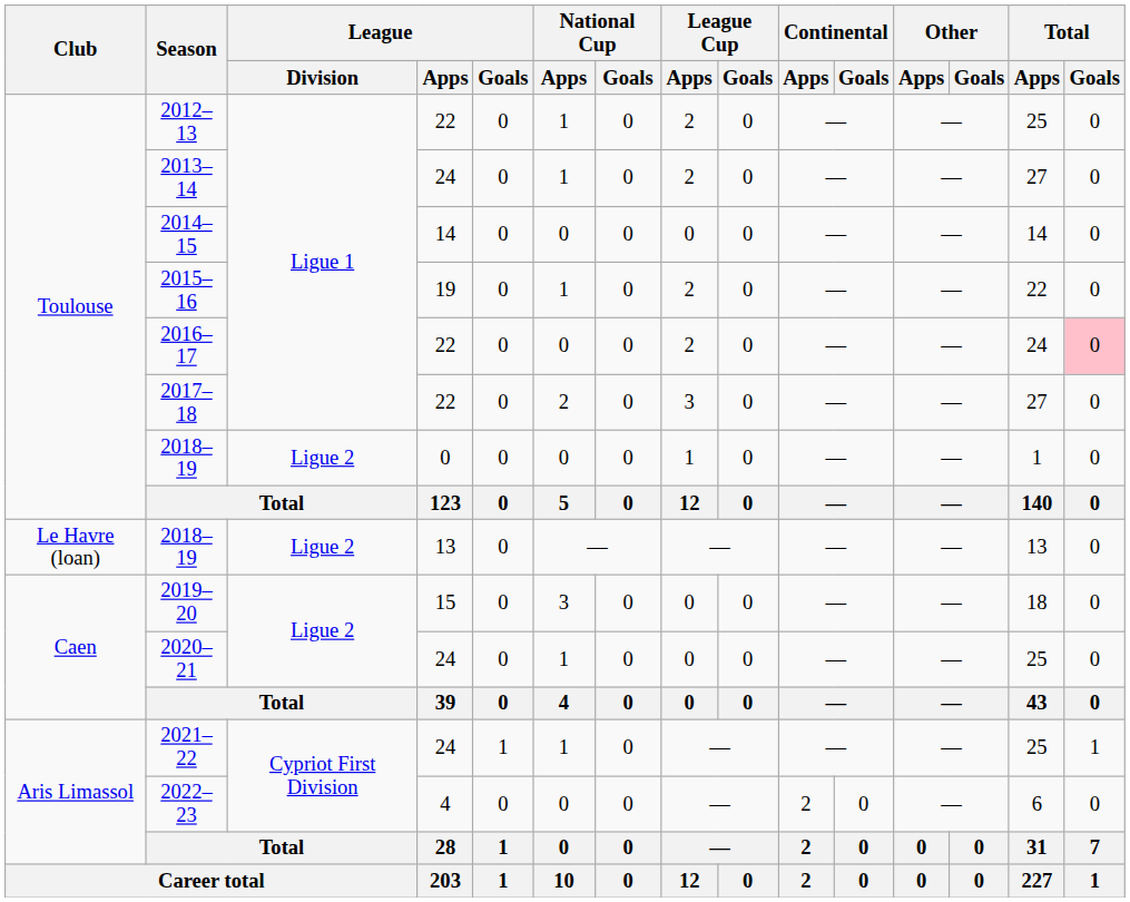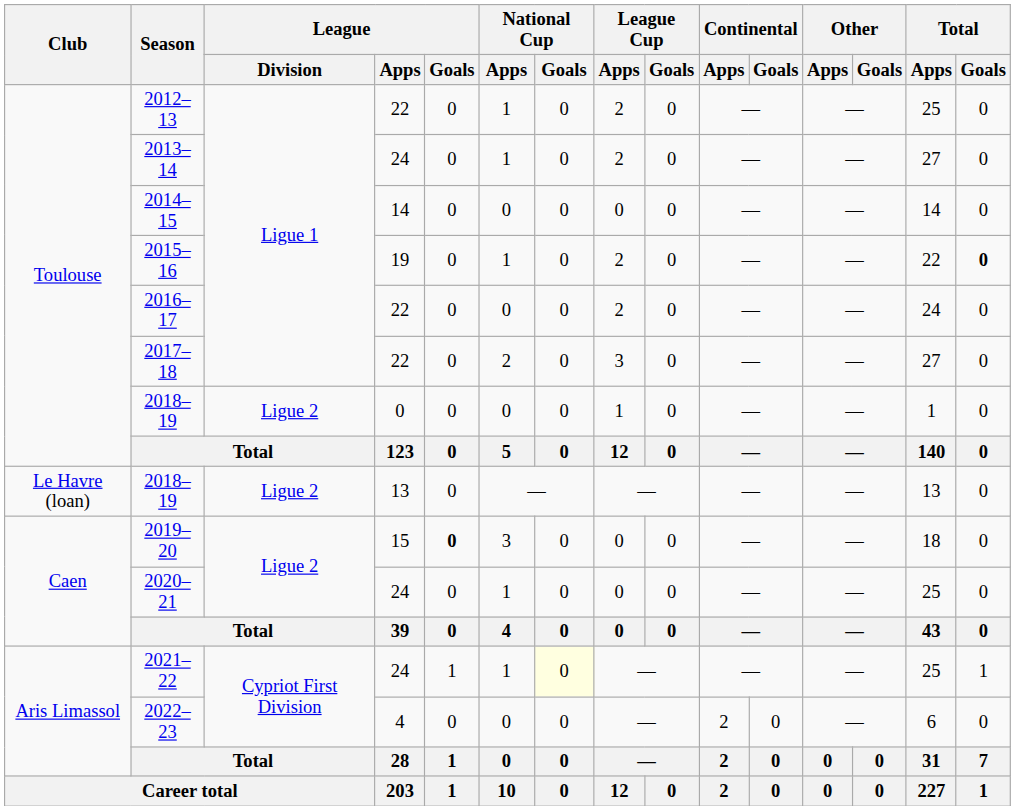 <table class="wikitable" style="text-align:center">
 <tr>
 <th rowspan="2">Club</th>
 <th rowspan="2">Season</th>
 <th colspan="3">League</th>
 <th colspan="2">National Cup</th>
 <th colspan="2">League Cup</th>
 <th colspan="2">Continental</th>
 <th colspan="2">Other</th>
 <th colspan="2">Total</th>
 </tr>
 <tr>
 <th>Division</th>
 <th>Apps</th>
 <th>Goals</th>
 <th>Apps</th>
 <th>Goals</th>
 <th>Apps</th>
 <th>Goals</th>
 <th>Apps</th>
 <th>Goals</th>
 <th>Apps</th>
 <th>Goals</th>
 <th>Apps</th>
 <th>Goals</th>
 </tr>
 <tr>
 <td rowspan="8"><a href='#'>Toulouse</a></td>
 <td><a href='#'>2012–13</a></td>
 <td rowspan="6"><a href='#'>Ligue 1</a></td>
 <td>22</td>
 <td>0</td>
 <td>1</td>
 <td>0</td>
 <td>2</td>
 <td>0</td>
 <td colspan="2">—</td>
 <td colspan="2">—</td>
 <td>25</td>
 <td>0</td>
 </tr>
 <tr>
 <td><a href='#'>2013–14</a></td>
 <td>24</td>
 <td>0</td>
 <td>1</td>
 <td>0</td>
 <td>2</td>
 <td>0</td>
 <td colspan="2">—</td>
 <td colspan="2">—</td>
 <td>27</td>
 <td>0</td>
 </tr>
 <tr>
 <td><a href='#'>2014–15</a></td>
 <td>14</td>
 <td>0</td>
 <td>0</td>
 <td>0</td>
 <td>0</td>
 <td>0</td>
 <td colspan="2">—</td>
 <td colspan="2">—</td>
 <td>14</td>
 <td>0</td>
 </tr>
 <tr>
 <td><a href='#'>2015–16</a></td>
 <td>19</td>
 <td>0</td>
 <td>1</td>
 <td>0</td>
 <td>2</td>
 <td>0</td>
 <td colspan="2">—</td>
 <td colspan="2">—</td>
 <td>22</td>
-<td>0</td>
+<td><strong>0</strong></td>
 </tr>
 <tr>
 <td><a href='#'>2016–17</a></td>
 <td>22</td>
 <td>0</td>
 <td>0</td>
 <td>0</td>
 <td>2</td>
 <td>0</td>
 <td colspan="2">—</td>
 <td colspan="2">—</td>
 <td>24</td>
-<td style="background: pink;">0</td>
+<td>0</td>
 </tr>
 <tr>
 <td><a href='#'>2017–18</a></td>
 <td>22</td>
 <td>0</td>
 <td>2</td>
 <td>0</td>
 <td>3</td>
 <td>0</td>
 <td colspan="2">—</td>
 <td colspan="2">—</td>
 <td>27</td>
 <td>0</td>
 </tr>
 <tr>
 <td><a href='#'>2018–19</a></td>
 <td><a href='#'>Ligue 2</a></td>
 <td>0</td>
 <td>0</td>
 <td>0</td>
 <td>0</td>
 <td>1</td>
 <td>0</td>
 <td colspan="2">—</td>
 <td colspan="2">—</td>
 <td>1</td>
 <td>0</td>
 </tr>
 <tr>
 <th colspan="2">Total</th>
 <th>123</th>
 <th>0</th>
 <th>5</th>
 <th>0</th>
 <th>12</th>
 <th>0</th>
 <th colspan="2">—</th>
 <th colspan="2">—</th>
 <th>140</th>
 <th>0</th>
 </tr>
 <tr>
 <td><a href='#'>Le Havre</a> (loan)</td>
 <td><a href='#'>2018–19</a></td>
 <td><a href='#'>Ligue 2</a></td>
 <td>13</td>
 <td>0</td>
 <td colspan="2">—</td>
 <td colspan="2">—</td>
 <td colspan="2">—</td>
 <td colspan="2">—</td>
 <td>13</td>
 <td>0</td>
 </tr>
 <tr>
 <td rowspan="3"><a href='#'>Caen</a></td>
 <td><a href='#'>2019–20</a></td>
 <td rowspan="2"><a href='#'>Ligue 2</a></td>
 <td>15</td>
-<td>0</td>
+<td><strong>0</strong></td>
 <td>3</td>
 <td>0</td>
 <td>0</td>
 <td>0</td>
 <td colspan="2">—</td>
 <td colspan="2">—</td>
 <td>18</td>
 <td>0</td>
 </tr>
 <tr>
 <td><a href='#'>2020–21</a></td>
 <td>24</td>
 <td>0</td>
 <td>1</td>
 <td>0</td>
 <td>0</td>
 <td>0</td>
 <td colspan="2">—</td>
 <td colspan="2">—</td>
 <td>25</td>
 <td>0</td>
 </tr>
 <tr>
 <th colspan="2">Total</th>
 <th>39</th>
 <th>0</th>
 <th>4</th>
 <th>0</th>
 <th>0</th>
 <th>0</th>
 <th colspan="2">—</th>
 <th colspan="2">—</th>
 <th>43</th>
 <th>0</th>
 </tr>
 <tr>
 <td rowspan="3"><a href='#'>Aris Limassol</a></td>
 <td><a href='#'>2021–22</a></td>
 <td rowspan="2"><a href='#'>Cypriot First Division</a></td>
 <td>24</td>
 <td>1</td>
 <td>1</td>
-<td>0</td>
+<td style="background: lightyellow;">0</td>
 <td colspan="2">—</td>
 <td colspan="2">—</td>
 <td colspan="2">—</td>
 <td>25</td>
 <td>1</td>
 </tr>
 <tr>
 <td><a href='#'>2022–23</a></td>
 <td>4</td>
 <td>0</td>
 <td>0</td>
 <td>0</td>
 <td colspan="2">—</td>
 <td>2</td>
 <td>0</td>
 <td colspan="2">—</td>
 <td>6</td>
 <td>0</td>
 </tr>
 <tr>
 <th colspan="2">Total</th>
 <th>28</th>
 <th>1</th>
 <th>0</th>
 <th>0</th>
 <th colspan="2">—</th>
 <th>2</th>
 <th>0</th>
 <th>0</th>
 <th>0</th>
 <th>31</th>
 <th>7</th>
 </tr>
 <tr>
 <th colspan="3">Career total</th>
 <th>203</th>
 <th>1</th>
 <th>10</th>
 <th>0</th>
 <th>12</th>
 <th>0</th>
 <th>2</th>
 <th>0</th>
 <th>0</th>
 <th>0</th>
 <th>227</th>
 <th>1</th>
 </tr>
 </table>
